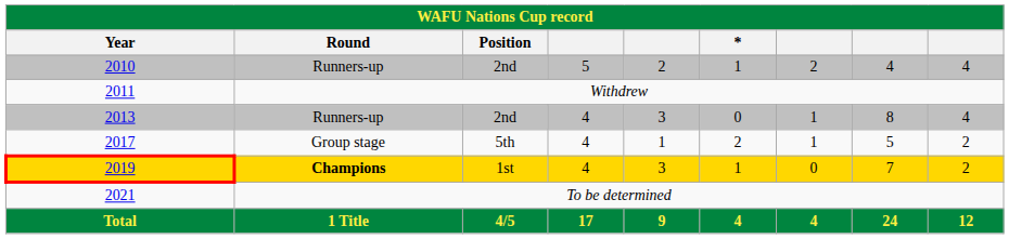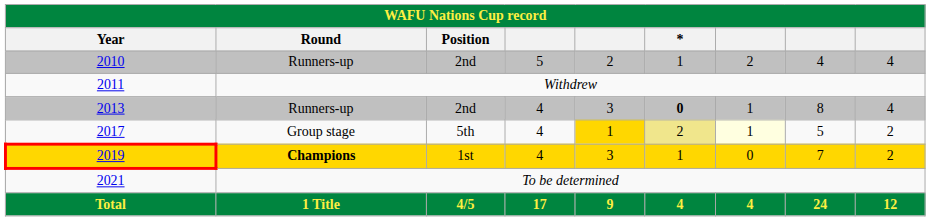 <table class="wikitable" style="font-size:90%; text-align:center;" width="60%">
 <tr>
 <th colspan="9" style="background:#00853F; color:#FDEF42; ">WAFU Nations Cup record</th>
 </tr>
 <tr>
 <th width="15%">Year</th>
 <th width="15%">Round</th>
 <th width="5%">Position</th>
 <th width="5%"></th>
 <th width="5%"></th>
 <th width="5%">*</th>
 <th width="5%"></th>
 <th width="5%"></th>
 <th width="5%"></th>
 </tr>
 <tr bgcolor="silver">
 <td> <a href='#'>2010</a></td>
 <td>Runners-up</td>
 <td>2nd</td>
 <td>5</td>
 <td>2</td>
 <td>1</td>
 <td>2</td>
 <td>4</td>
 <td>4</td>
 </tr>
 <tr>
 <td> <a href='#'>2011</a></td>
 <td colspan="8"><em>Withdrew</em></td>
 </tr>
 <tr bgcolor="silver">
 <td> <a href='#'>2013</a></td>
 <td>Runners-up</td>
 <td>2nd</td>
 <td>4</td>
 <td>3</td>
-<td>0</td>
+<td><strong>0</strong></td>
 <td>1</td>
 <td>8</td>
 <td>4</td>
 </tr>
 <tr>
 <td> <a href='#'>2017</a></td>
 <td>Group stage</td>
 <td>5th</td>
 <td>4</td>
-<td>1</td>
-<td>2</td>
-<td>1</td>
+<td style="background: gold;">1</td>
+<td style="background: khaki;">2</td>
+<td style="background: lightyellow;">1</td>
 <td>5</td>
 <td>2</td>
 </tr>
 <tr bgcolor="gold">
 <td style="border: 3px solid red "> <a href='#'>2019</a></td>
 <td><strong>Champions</strong></td>
 <td>1st</td>
 <td>4</td>
 <td>3</td>
 <td>1</td>
 <td>0</td>
 <td>7</td>
 <td>2</td>
 </tr>
 <tr>
 <td> <a href='#'>2021</a></td>
 <td colspan="8"><em>To be determined</em></td>
 </tr>
 <tr>
 <th style="background:#00853F; color:#FDEF42; "><strong>Total</strong></th>
 <th style="background:#00853F; color:#FDEF42; "><strong>1 Title</strong></th>
 <th style="background:#00853F; color:#FDEF42; ">4/5</th>
 <th style="background:#00853F; color:#FDEF42; ">17</th>
 <th style="background:#00853F; color:#FDEF42; ">9</th>
 <th style="background:#00853F; color:#FDEF42; ">4</th>
 <th style="background:#00853F; color:#FDEF42; ">4</th>
 <th style="background:#00853F; color:#FDEF42; ">24</th>
 <th style="background:#00853F; color:#FDEF42; ">12</th>
 </tr>
 </table>
